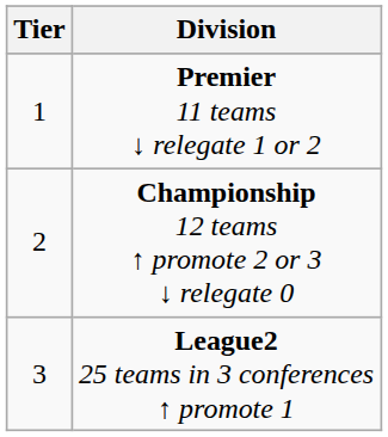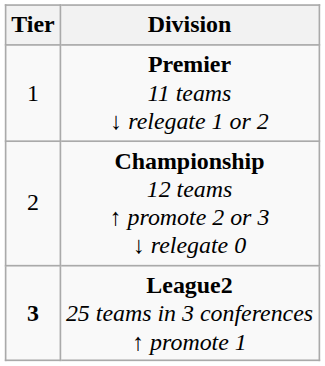 <table class="wikitable" style="float:right; margin-left:1em; text-align: center; font-size: 90%;">
 <tr>
 <th>Tier</th>
 <th>Division</th>
 </tr>
 <tr>
 <td>1</td>
 <td><strong>Premier</strong><br><em>11 teams</em><br><em>↓ relegate 1 or 2</em></td>
 </tr>
 <tr>
 <td>2</td>
 <td><strong>Championship</strong><br><em>12 teams</em><br><em>↑ promote 2 or 3</em><br><em>↓ relegate 0</em></td>
 </tr>
 <tr>
-<td>3</td>
+<td><strong>3</strong></td>
 <td><strong>League2</strong><br><em>25 teams in 3 conferences</em><br><em>↑ promote 1</em></td>
 </tr>
 </table>
